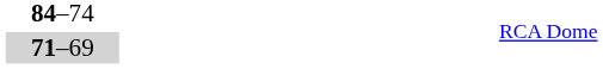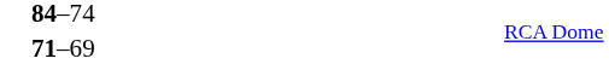 <table style="text-align:center">
 <tr>
 <th width=200></th>
 <th width=30></th>
 <th width=70></th>
 <th width=30></th>
 <th width=200></th>
 <th></th>
 </tr>
 <tr>
 <td align=right><strong></strong></td>
 <td></td>
 <td><strong> 84</strong>–74</td>
 <td></td>
 <td align=left></td>
 <td align=left rowspan=2><small><a href='#'>RCA Dome</a></small></td>
 </tr>
 <tr>
 <td align=right><strong></strong></td>
 <td></td>
-<td style="background: lightgrey;"><strong>71</strong>–69</td>
+<td><strong>71</strong>–69</td>
 <td></td>
 <td align=left></td>
 </tr>
 </table>
